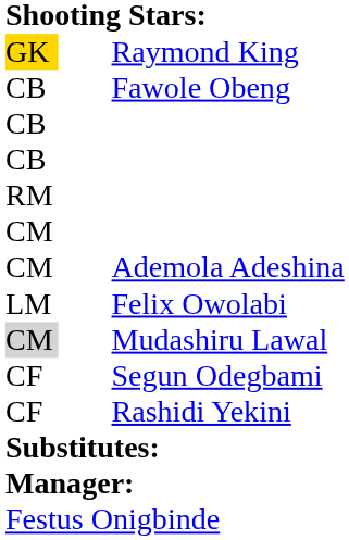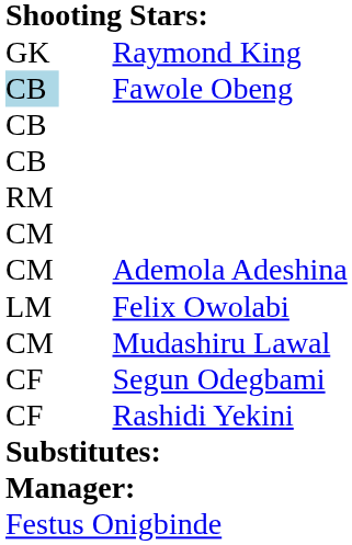 <table style="font-size: 90%" cellspacing="0" cellpadding="0" align=center>
 <tr>
 <td colspan=4><strong>Shooting Stars:</strong></td>
 </tr>
 <tr>
 <th width=25></th>
 <th width=25></th>
 </tr>
 <tr>
-<td style="background: gold;">GK</td>
+<td>GK</td>
 <td><strong> </strong></td>
 <td> <a href='#'>Raymond King</a></td>
 </tr>
 <tr>
-<td>CB</td>
+<td style="background: lightblue;">CB</td>
 <td><strong> </strong></td>
 <td> <a href='#'>Fawole Obeng</a></td>
 </tr>
 <tr>
 <td>CB</td>
 <td><strong> </strong></td>
 <td></td>
 </tr>
 <tr>
 <td>CB</td>
 <td><strong> </strong></td>
 <td></td>
 </tr>
 <tr>
 <td>RM</td>
 <td><strong> </strong></td>
 <td></td>
 </tr>
 <tr>
 <td>CM</td>
 <td><strong> </strong></td>
 <td></td>
 </tr>
 <tr>
 <td>CM</td>
 <td><strong> </strong></td>
 <td> <a href='#'>Ademola Adeshina</a></td>
 </tr>
 <tr>
 <td>LM</td>
 <td><strong> </strong></td>
 <td> <a href='#'>Felix Owolabi</a></td>
 </tr>
 <tr>
-<td style="background: lightgrey;">CM</td>
+<td>CM</td>
 <td><strong> </strong></td>
 <td> <a href='#'>Mudashiru Lawal</a></td>
 </tr>
 <tr>
 <td>CF</td>
 <td><strong> </strong></td>
 <td> <a href='#'>Segun Odegbami</a></td>
 </tr>
 <tr>
 <td>CF</td>
 <td><strong> </strong></td>
 <td> <a href='#'>Rashidi Yekini</a></td>
 </tr>
 <tr>
 <td colspan=3><strong>Substitutes:</strong></td>
 </tr>
 <tr>
 <td colspan=3><strong>Manager:</strong></td>
 </tr>
 <tr>
 <td colspan=3> <a href='#'>Festus Onigbinde</a></td>
 </tr>
 </table>
